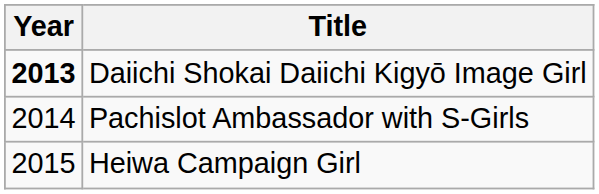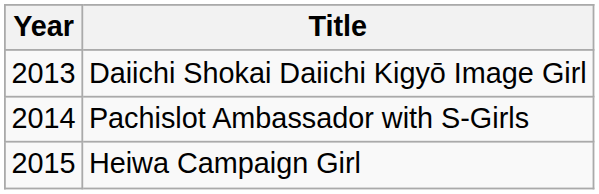 <table class="wikitable">
 <tr>
 <th>Year</th>
 <th>Title</th>
 </tr>
 <tr>
-<td><strong>2013</strong></td>
+<td>2013</td>
 <td>Daiichi Shokai Daiichi Kigyō Image Girl</td>
 </tr>
 <tr>
 <td>2014</td>
 <td>Pachislot Ambassador with S-Girls</td>
 </tr>
 <tr>
 <td>2015</td>
 <td>Heiwa Campaign Girl</td>
 </tr>
 </table>
